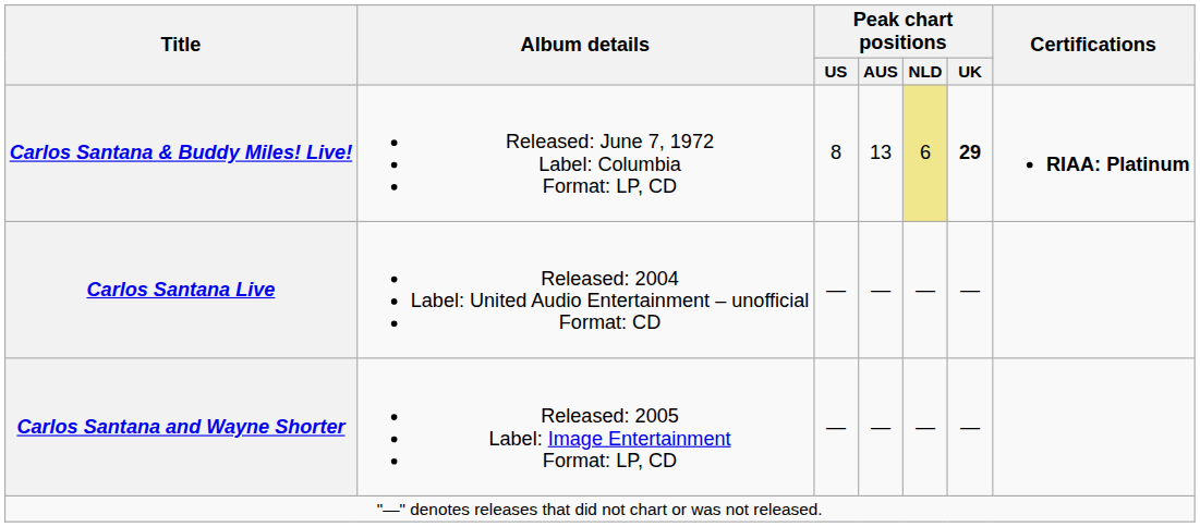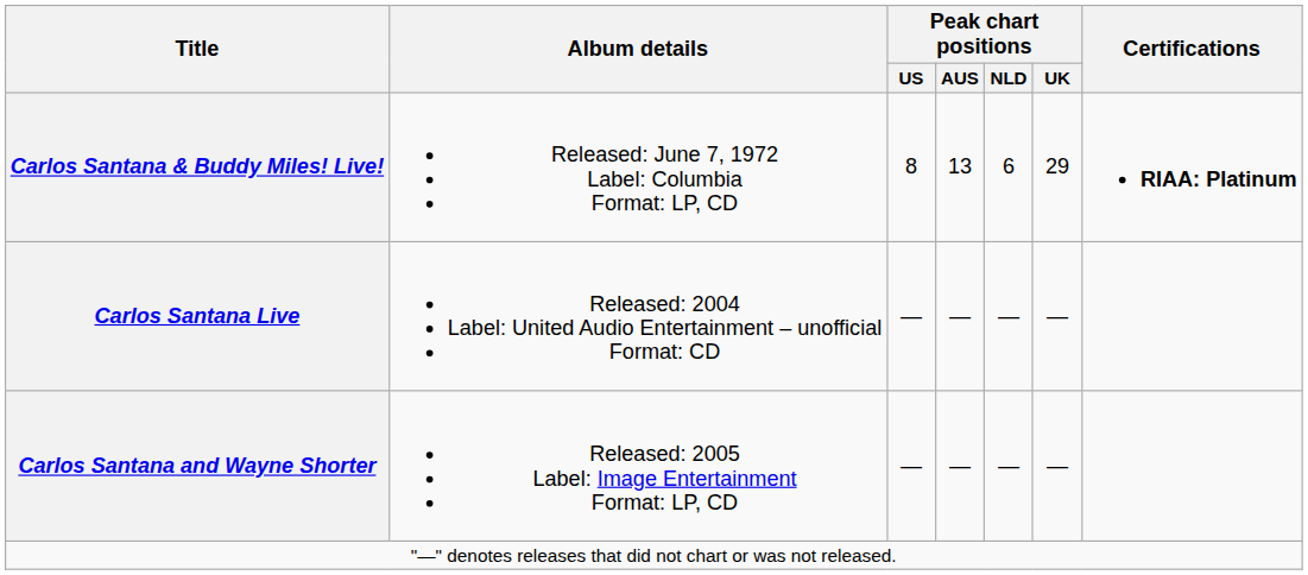 <table class="wikitable plainrowheaders" style="text-align:center;">
 <tr>
 <th scope="col" rowspan="2">Title</th>
 <th scope="col" rowspan="2">Album details</th>
 <th scope="col" colspan="4">Peak chart positions</th>
 <th scope="col" rowspan="2">Certifications<br></th>
 </tr>
 <tr style="font-size:smaller;">
 <th scope="col" width="30">US<br></th>
 <th scope="col" width="30">AUS<br></th>
 <th scope="col" width="30">NLD<br></th>
 <th scope="col" width="30">UK<br></th>
 </tr>
 <tr>
 <th scope="row"><em><a href='#'>Carlos Santana & Buddy Miles! Live!</a></em></th>
 <td><br><ul><li>Released: June 7, 1972</li><li>Label: Columbia</li><li>Format: LP, CD</li></ul></td>
 <td>8</td>
 <td>13</td>
-<td style="background: khaki;">6</td>
-<td><strong>29</strong></td>
+<td>6</td>
+<td>29</td>
 <td><strong><br><ul><li>RIAA: Platinum</li></ul></strong></td>
 </tr>
 <tr>
 <th scope="row"><em><a href='#'>Carlos Santana Live</a></em></th>
 <td><br><ul><li>Released: 2004</li><li>Label: United Audio Entertainment – unofficial</li><li>Format: CD</li></ul></td>
 <td>—</td>
 <td>—</td>
 <td>—</td>
 <td>—</td>
 <td style="text-align:left;"></td>
 </tr>
 <tr>
 <th scope="row"><em><a href='#'>Carlos Santana and Wayne Shorter</a></em></th>
 <td><br><ul><li>Released: 2005</li><li>Label: <a href='#'>Image Entertainment</a></li><li>Format: LP, CD</li></ul></td>
 <td>—</td>
 <td>—</td>
 <td>—</td>
 <td>—</td>
 </tr>
 <tr>
 <td colspan="23" style="font-size:85%">"—" denotes releases that did not chart or was not released.</td>
 </tr>
 </table>
